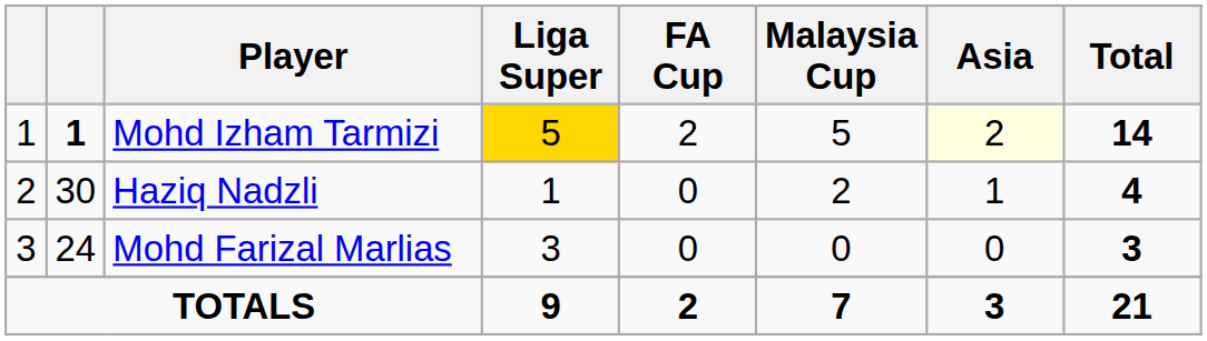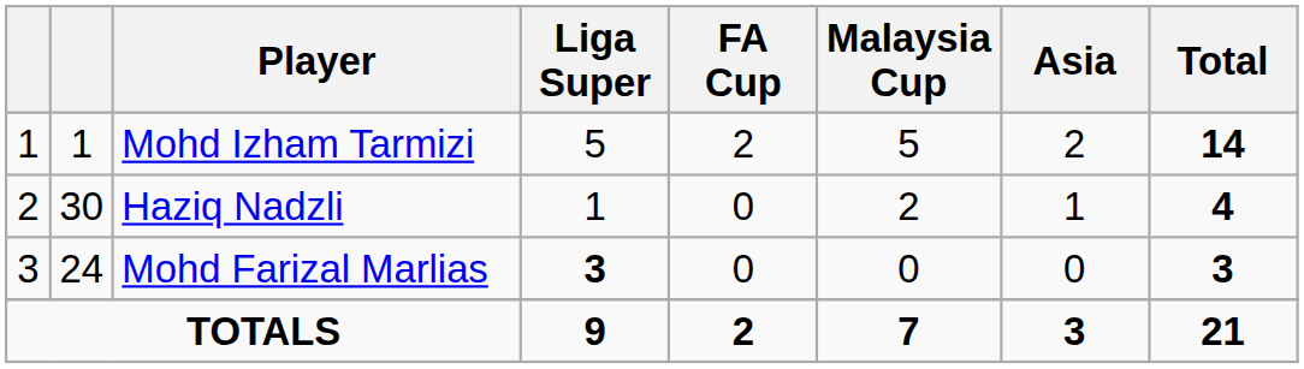 <table class="wikitable sortable" style="font-size: 95%; text-align: center;">
 <tr>
 <th width=10></th>
 <th width=10></th>
 <th width=150>Player</th>
 <th width=50>Liga Super</th>
 <th width=50>FA Cup</th>
 <th width=50>Malaysia Cup</th>
 <th width=50>Asia</th>
 <th width=50>Total</th>
 </tr>
 <tr>
 <td>1</td>
-<td><strong>1</strong></td>
+<td>1</td>
 <td align=left> <a href='#'>Mohd Izham Tarmizi</a></td>
-<td style="background: gold;">5</td>
+<td>5</td>
 <td>2</td>
 <td>5</td>
-<td style="background: lightyellow;">2</td>
+<td>2</td>
 <td><strong>14</strong></td>
 </tr>
 <tr>
 <td>2</td>
 <td>30</td>
 <td align=left> <a href='#'>Haziq Nadzli</a></td>
 <td>1</td>
 <td>0</td>
 <td>2</td>
 <td>1</td>
 <td><strong>4</strong></td>
 </tr>
 <tr>
 <td>3</td>
 <td>24</td>
 <td align=left> <a href='#'>Mohd Farizal Marlias</a></td>
-<td>3</td>
+<td><strong>3</strong></td>
 <td>0</td>
 <td>0</td>
 <td>0</td>
 <td><strong>3</strong></td>
 </tr>
 <tr>
 </tr>
 <tr class="sortbottom">
 <td colspan=3><strong>TOTALS</strong></td>
 <td><strong>9</strong></td>
 <td><strong>2</strong></td>
 <td><strong>7</strong></td>
 <td><strong>3</strong></td>
 <td><strong>21</strong></td>
 </tr>
 </table>
